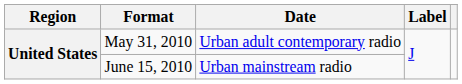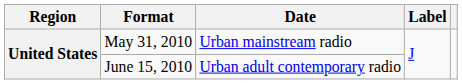 <table class="wikitable plainrowheaders">
 <tr>
 <th scope="col">Region</th>
 <th scope="col">Format</th>
 <th scope="col">Date</th>
 <th scope="col">Label</th>
 <th scope="col"></th>
 </tr>
 <tr>
 <th scope="row" rowspan="2">United States</th>
 <td>May 31, 2010</td>
-<td><a href='#'>Urban adult contemporary</a> radio</td>
+<td><a href='#'>Urban mainstream</a> radio</td>
 <td rowspan="2"><a href='#'>J</a></td>
 <td style="text-align:center;" rowspan="2"></td>
 </tr>
 <tr>
 <td>June 15, 2010</td>
-<td><a href='#'>Urban mainstream</a> radio</td>
+<td><a href='#'>Urban adult contemporary</a> radio</td>
 </tr>
 </table>
